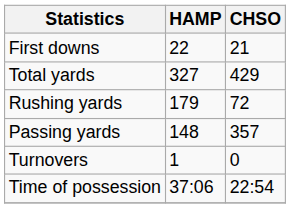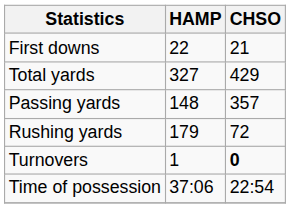 <table class="wikitable" style="float: left;">
 <tr>
 <th>Statistics</th>
 <th>HAMP</th>
 <th>CHSO</th>
 </tr>
 <tr>
 <td>First downs</td>
 <td>22</td>
 <td>21</td>
 </tr>
 <tr>
 <td>Total yards</td>
 <td>327</td>
 <td>429</td>
 </tr>
 <tr>
+<td>Passing yards</td>
+<td>148</td>
+<td>357</td>
+</tr>
+<tr>
 <td>Rushing yards</td>
 <td>179</td>
 <td>72</td>
 </tr>
 <tr>
-<td>Passing yards</td>
-<td>148</td>
-<td>357</td>
-</tr>
-<tr>
 <td>Turnovers</td>
 <td>1</td>
-<td>0</td>
+<td><strong>0</strong></td>
 </tr>
 <tr>
 <td>Time of possession</td>
 <td>37:06</td>
 <td>22:54</td>
 </tr>
 <tr>
 </tr>
 </table>
